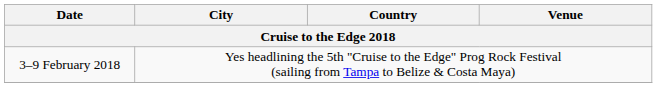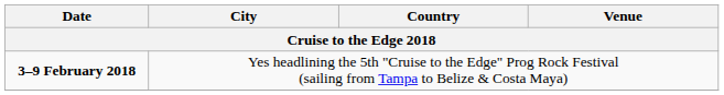 <table class="wikitable" style="text-align:center;">
 <tr>
 <th style="width:150px;">Date</th>
 <th style="width:200px;">City</th>
 <th style="width:200px;">Country</th>
 <th style="width:200px;">Venue</th>
 </tr>
 <tr>
 <th colspan="4">Cruise to the Edge 2018</th>
 </tr>
 <tr>
-<td>3–9 February 2018</td>
+<td><strong>3–9 February 2018</strong></td>
 <td colspan="4">Yes headlining the 5th "Cruise to the Edge" Prog Rock Festival <br>(sailing from <a href='#'>Tampa</a> to Belize & Costa Maya)</td>
 </tr>
 <tr>
 </tr>
 </table>
